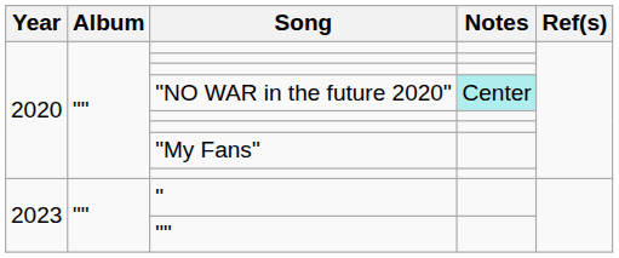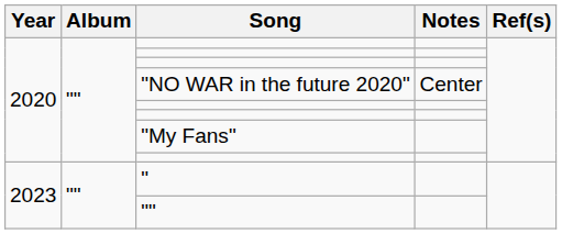 <table class="wikitable plainrowheaders">
 <tr>
 <th>Year</th>
 <th>Album</th>
 <th>Song</th>
 <th>Notes</th>
 <th>Ref(s)</th>
 </tr>
 <tr>
 <td rowspan="8">2020</td>
 <td rowspan="8">""</td>
 <td></td>
 <td></td>
 <td rowspan="8"></td>
 </tr>
 <tr>
 <td></td>
 <td></td>
 </tr>
 <tr>
 <td></td>
 <td></td>
 </tr>
 <tr>
 <td>"NO WAR in the future 2020"</td>
-<td style="background: paleturquoise;">Center</td>
+<td>Center</td>
 </tr>
 <tr>
 <td></td>
 <td></td>
 </tr>
 <tr>
 <td></td>
 <td></td>
 </tr>
 <tr>
 <td>"My Fans"</td>
 <td></td>
 </tr>
 <tr>
 <td></td>
 <td></td>
 </tr>
 <tr>
 <td rowspan="2">2023</td>
 <td rowspan="2">""</td>
 <td>"</td>
 <td></td>
 <td rowspan="2"></td>
 </tr>
 <tr>
 <td>""</td>
 <td></td>
 </tr>
 </table>
